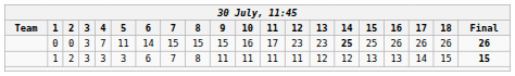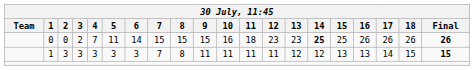 <table class=wikitable style="text-align:center; width: 55%">
 <tr>
 <th colspan=20><em>30 July, 11:45</em></th>
 </tr>
 <tr>
 <th>Team</th>
 <th>1</th>
 <th>2</th>
 <th>3</th>
 <th>4</th>
 <th>5</th>
 <th>6</th>
 <th>7</th>
 <th>8</th>
 <th>9</th>
 <th>10</th>
 <th>11</th>
 <th>12</th>
 <th>13</th>
 <th>14</th>
 <th>15</th>
 <th>16</th>
 <th>17</th>
 <th>18</th>
 <th>Final</th>
 </tr>
 <tr>
 <td align=left><strong></strong></td>
 <td>0</td>
 <td>0</td>
-<td>3</td>
+<td>2</td>
 <td>7</td>
 <td>11</td>
 <td>14</td>
 <td>15</td>
 <td>15</td>
 <td>15</td>
 <td>16</td>
-<td>17</td>
+<td>18</td>
 <td>23</td>
 <td>23</td>
 <td><strong>25</strong></td>
 <td>25</td>
 <td>26</td>
 <td>26</td>
 <td>26</td>
 <td><strong>26</strong></td>
 </tr>
 <tr>
 <td align=left></td>
 <td>1</td>
-<td>2</td>
 <td>3</td>
 <td>3</td>
 <td>3</td>
-<td>6</td>
+<td>3</td>
+<td>3</td>
 <td>7</td>
 <td>8</td>
 <td>11</td>
 <td>11</td>
 <td>11</td>
 <td>11</td>
 <td>12</td>
 <td>12</td>
 <td>13</td>
 <td>13</td>
 <td>14</td>
 <td>15</td>
 <td><strong>15</strong></td>
 </tr>
 <tr>
 <td colspan=20></td>
 </tr>
 </table>
